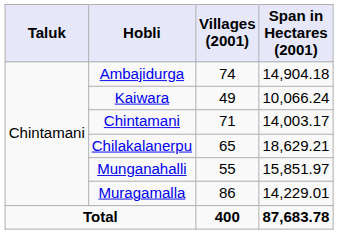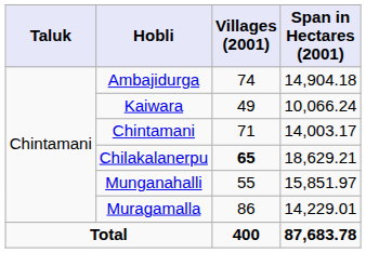 <table class="wikitable" style="margin: 1em auto 1em auto;">
 <tr>
 <th align="center" width="40" style="background: #E6E8FA;">Taluk</th>
 <th align="center" width="40" style="background: #E6E8FA;">Hobli</th>
 <th align="center" width="30" style="background: #E6E8FA;">Villages (2001)</th>
 <th align="center" width="60" style="background: #E6E8FA;">Span in Hectares (2001)</th>
 </tr>
 <tr>
 <td rowspan="6" align="center">Chintamani</td>
 <td align="center"><a href='#'>Ambajidurga</a></td>
 <td align="center">74</td>
 <td align="center">14,904.18</td>
 </tr>
 <tr>
 <td align="center"><a href='#'>Kaiwara</a></td>
 <td align="center">49</td>
 <td align="center">10,066.24</td>
 </tr>
 <tr>
 <td align="center"><a href='#'>Chintamani</a></td>
 <td align="center">71</td>
 <td align="center">14,003.17</td>
 </tr>
 <tr>
 <td align="center"><a href='#'>Chilakalanerpu</a></td>
-<td align="center">65</td>
+<td align="center"><strong>65</strong></td>
 <td align="center">18,629.21</td>
 </tr>
 <tr>
 <td align="center"><a href='#'>Munganahalli</a></td>
 <td align="center">55</td>
 <td align="center">15,851.97</td>
 </tr>
 <tr>
 <td align="center"><a href='#'>Muragamalla</a></td>
 <td align="center">86</td>
 <td align="center">14,229.01</td>
 </tr>
 <tr>
 <td colspan="2" align="center"><strong>Total</strong></td>
 <td align="center"><strong>400</strong></td>
 <td align="center"><strong>87,683.78</strong></td>
 </tr>
 </table>
